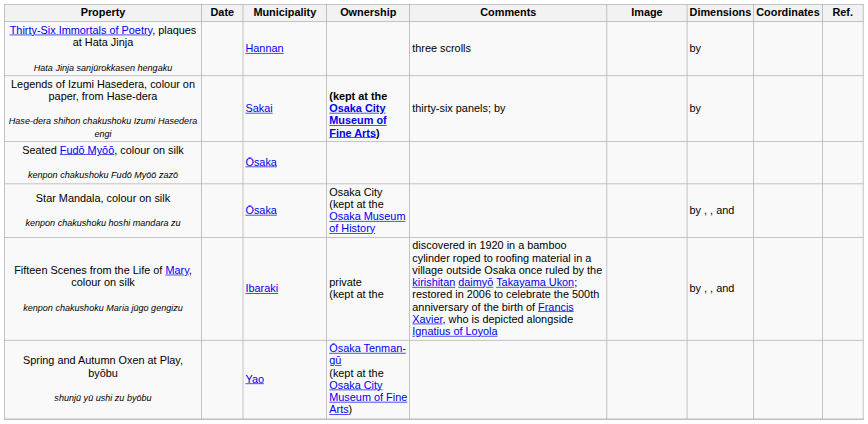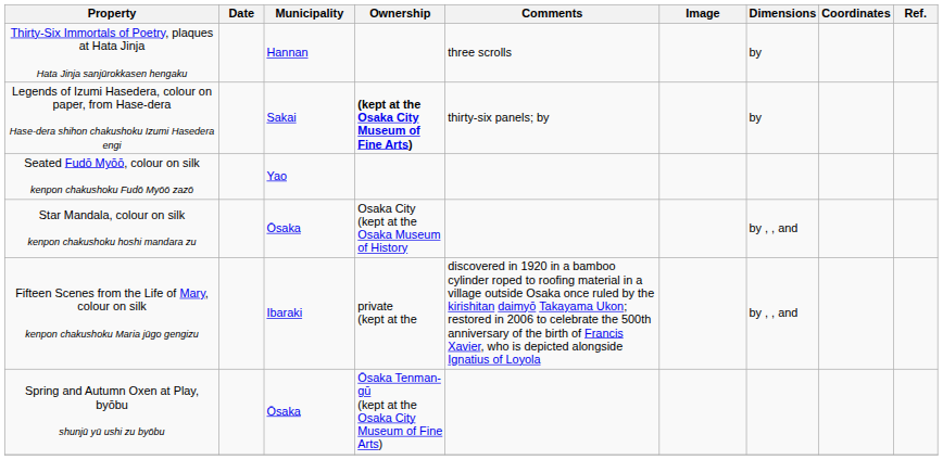 <table class="wikitable sortable"  style="width:100%;">
 <tr>
 <th width="25%" align="left">Property</th>
 <th width="5%" align="left" data-sort-type="number">Date</th>
 <th width="10%" align="left">Municipality</th>
 <th width="10%" align="left">Ownership</th>
 <th width="25%" align="left" class="unsortable">Comments</th>
 <th width="10%" align="left" class="unsortable">Image</th>
 <th width="5%" align="left" class="unsortable">Dimensions</th>
 <th width="5%" align="left" class="unsortable">Coordinates</th>
 <th width="5%" align="left" class="unsortable">Ref.</th>
 </tr>
 <tr>
 <td align="center"><a href='#'>Thirty-Six Immortals of Poetry</a>, plaques at Hata Jinja<br><br><small><em>Hata Jinja sanjūrokkasen hengaku</em></small></td>
 <td></td>
 <td><a href='#'>Hannan</a></td>
 <td></td>
 <td>three scrolls</td>
 <td></td>
 <td> by </td>
 <td></td>
 <td></td>
 </tr>
 <tr>
 <td align="center">Legends of Izumi Hasedera, colour on paper, from Hase-dera<br><br><small><em>Hase-dera shihon chakushoku Izumi Hasedera engi</em></small></td>
 <td></td>
 <td><a href='#'>Sakai</a></td>
 <td><strong><br>(kept at the <a href='#'>Osaka City Museum of Fine Arts</a>)</strong></td>
 <td>thirty-six panels; by </td>
 <td></td>
 <td> by </td>
 <td></td>
 <td></td>
 </tr>
 <tr>
 <td align="center">Seated <a href='#'>Fudō Myōō</a>, colour on silk<br><br><small><em>kenpon chakushoku Fudō Myōō zazō</em></small></td>
 <td></td>
-<td><a href='#'>Ōsaka</a></td>
+<td><a href='#'>Yao</a></td>
 <td></td>
 <td></td>
 <td></td>
 <td></td>
 <td></td>
 <td></td>
 </tr>
 <tr>
 <td align="center">Star Mandala, colour on silk<br><br><small><em>kenpon chakushoku hoshi mandara zu</em></small></td>
 <td></td>
 <td><a href='#'>Ōsaka</a></td>
 <td>Osaka City<br>(kept at the <a href='#'>Osaka Museum of History</a></td>
 <td></td>
 <td></td>
 <td> by , , and </td>
 <td></td>
 <td></td>
 </tr>
 <tr>
 <td align="center">Fifteen Scenes from the Life of <a href='#'>Mary</a>, colour on silk<br><br><small><em>kenpon chakushoku Maria jūgo gengizu</em></small></td>
 <td></td>
 <td><a href='#'>Ibaraki</a></td>
 <td>private<br>(kept at the </td>
 <td>discovered in 1920 in a bamboo cylinder roped to roofing material in a village outside Osaka once ruled by the <a href='#'>kirishitan</a> <a href='#'>daimyō</a> <a href='#'>Takayama Ukon</a>; restored in 2006 to celebrate the 500th anniversary of the birth of <a href='#'>Francis Xavier</a>, who is depicted alongside <a href='#'>Ignatius of Loyola</a></td>
 <td></td>
 <td> by , , and </td>
 <td></td>
 <td></td>
 </tr>
 <tr>
 <td align="center">Spring and Autumn Oxen at Play, byōbu<br><br><small><em>shunjū yū ushi zu byōbu</em></small></td>
 <td></td>
-<td><a href='#'>Yao</a></td>
+<td><a href='#'>Ōsaka</a></td>
 <td><a href='#'>Ōsaka Tenman-gū</a><br>(kept at the <a href='#'>Osaka City Museum of Fine Arts</a>)</td>
 <td></td>
 <td></td>
 <td></td>
 <td></td>
 <td></td>
 </tr>
 <tr>
 </tr>
 </table>
